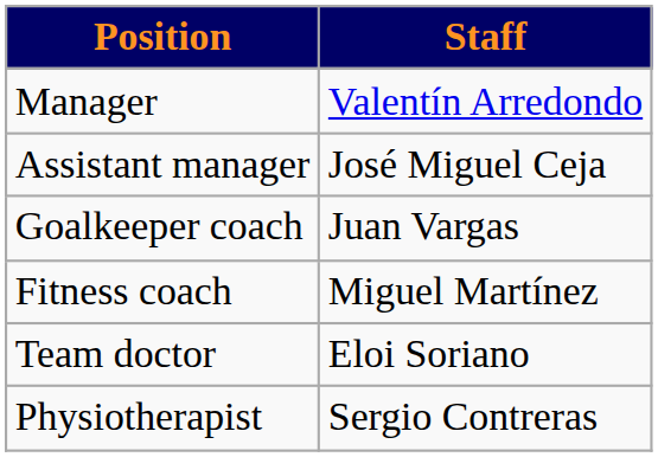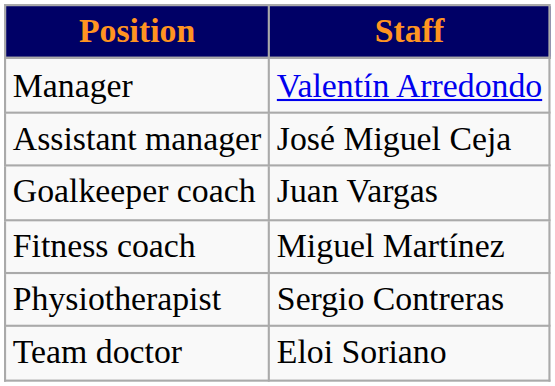 <table class="wikitable">
 <tr>
 <th style=background-color:#000066;color:#FF9421>Position</th>
 <th style=background-color:#000066;color:#FF9421>Staff</th>
 </tr>
 <tr>
 </tr>
 <tr>
 <td>Manager</td>
 <td> <a href='#'>Valentín Arredondo</a></td>
 </tr>
 <tr>
 <td>Assistant manager</td>
 <td> José Miguel Ceja</td>
 </tr>
 <tr>
 <td>Goalkeeper coach</td>
 <td>  Juan Vargas</td>
 </tr>
 <tr>
 <td>Fitness coach</td>
 <td> Miguel Martínez</td>
 </tr>
 <tr>
+<td>Physiotherapist</td>
+<td> Sergio Contreras</td>
+</tr>
+<tr>
 <td>Team doctor</td>
 <td> Eloi Soriano</td>
 </tr>
-<tr>
-<td>Physiotherapist</td>
-<td> Sergio Contreras</td>
-</tr>
 </table>
